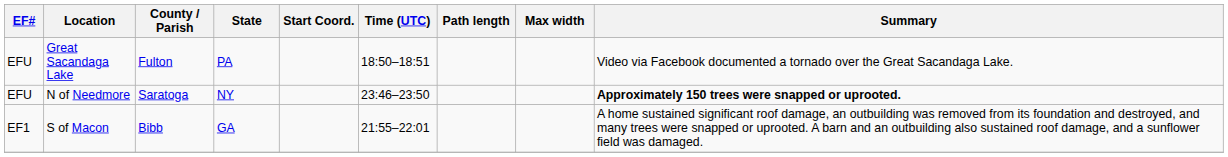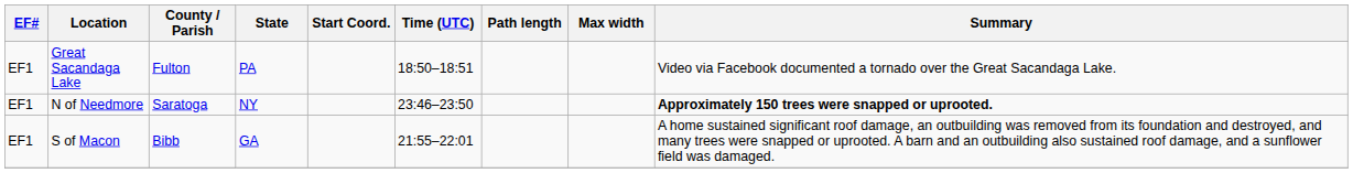 <table class="wikitable sortable" style="width:100%;">
 <tr>
 <th scope="col"  style="width:3%; text-align:center;"><a href='#'>EF#</a></th>
 <th scope="col"  style="width:7%; text-align:center;" class="unsortable">Location</th>
 <th scope="col"  style="width:6%; text-align:center;" class="unsortable">County / Parish</th>
 <th scope="col"  style="width:5%; text-align:center;">State</th>
 <th scope="col"  style="width:6%; text-align:center;">Start Coord.</th>
 <th scope="col"  style="width:6%; text-align:center;">Time (<a href='#'>UTC</a>)</th>
 <th scope="col"  style="width:6%; text-align:center;">Path length</th>
 <th scope="col"  style="width:6%; text-align:center;">Max width</th>
 <th scope="col" class="unsortable" style="width:48%; text-align:center;">Summary</th>
 </tr>
 <tr>
-<td>EFU</td>
+<td>EF1</td>
 <td><a href='#'>Great Sacandaga Lake</a></td>
 <td><a href='#'>Fulton</a></td>
 <td><a href='#'>PA</a></td>
 <td></td>
 <td>18:50–18:51</td>
 <td></td>
 <td></td>
 <td>Video via Facebook documented a tornado over the Great Sacandaga Lake.</td>
 </tr>
 <tr>
-<td>EFU</td>
+<td>EF1</td>
 <td>N of <a href='#'>Needmore</a></td>
 <td><a href='#'>Saratoga</a></td>
 <td><a href='#'>NY</a></td>
 <td></td>
 <td>23:46–23:50</td>
 <td></td>
 <td></td>
 <td><strong>Approximately 150 trees were snapped or uprooted.</strong></td>
 </tr>
 <tr>
 <td>EF1</td>
 <td>S of <a href='#'>Macon</a></td>
 <td><a href='#'>Bibb</a></td>
 <td><a href='#'>GA</a></td>
 <td></td>
 <td>21:55–22:01</td>
 <td></td>
 <td></td>
 <td>A home sustained significant roof damage, an outbuilding was removed from its foundation and destroyed, and many trees were snapped or uprooted. A barn and an outbuilding also sustained roof damage, and a sunflower field was damaged.</td>
 </tr>
 <tr>
 </tr>
 </table>
